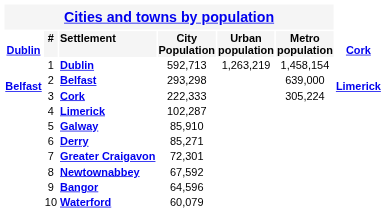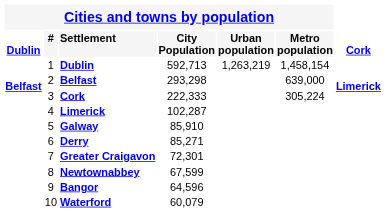 <table class="table" style="text-align:center; margin-right:10px; font-size:90%">
 <tr>
 <th colspan=6 style="background:#f5f5f5; font-size:130%; padding:0.3em"><a href='#'>Cities and towns by population</a></th>
 </tr>
 <tr style=vertical-align:top>
 <th rowspan=21><br><a href='#'>Dublin</a><br><br><br><a href='#'>Belfast</a><br></th>
 <th style="background:#f5f5f5; text-align:center">#</th>
 <th style="background:#f5f5f5; text-align:left">Settlement</th>
 <th style="background:#f5f5f5; text-align:center">City<br>Popu­lation</th>
 <th style="background:#f5f5f5; text-align:center">Urban<br>popu­lation</th>
 <th style="background:#f5f5f5; text-align:center">Metro<br>popu­lation</th>
 <th rowspan=21><br><a href='#'>Cork</a><br><br><br><a href='#'>Limerick</a><br></th>
 </tr>
 <tr>
 <td>1</td>
 <td style=text-align:left><strong><a href='#'>Dublin</a></strong></td>
 <td>592,713</td>
 <td>1,263,219</td>
 <td>1,458,154</td>
 </tr>
 <tr>
 <td>2</td>
 <td style=text-align:left><strong><a href='#'>Belfast</a></strong></td>
 <td>293,298</td>
 <td></td>
 <td>639,000</td>
 </tr>
 <tr>
 <td>3</td>
 <td style=text-align:left><strong><a href='#'>Cork</a></strong></td>
 <td>222,333</td>
 <td></td>
 <td>305,224</td>
 </tr>
 <tr>
 <td>4</td>
 <td style=text-align:left><strong><a href='#'>Limerick</a></strong></td>
 <td>102,287</td>
 <td></td>
 <td></td>
 </tr>
 <tr>
 <td>5</td>
 <td style=text-align:left><strong><a href='#'>Galway</a></strong></td>
 <td>85,910</td>
 <td></td>
 <td></td>
 </tr>
 <tr>
 <td>6</td>
 <td style=text-align:left><strong><a href='#'>Derry</a></strong></td>
 <td>85,271</td>
 <td></td>
 <td></td>
 </tr>
 <tr>
 <td>7</td>
 <td style=text-align:left><strong><a href='#'>Greater Craigavon</a></strong></td>
 <td>72,301</td>
 <td></td>
 <td></td>
 </tr>
 <tr>
 <td>8</td>
 <td style=text-align:left><strong><a href='#'>Newtownabbey</a></strong></td>
-<td>67,592</td>
+<td>67,599</td>
 <td></td>
 <td></td>
 </tr>
 <tr>
 <td>9</td>
 <td style=text-align:left><strong><a href='#'>Bangor</a></strong></td>
 <td>64,596</td>
 <td></td>
 <td></td>
 </tr>
 <tr>
 <td>10</td>
 <td style=text-align:left><strong><a href='#'>Waterford</a></strong></td>
 <td>60,079</td>
 <td></td>
 <td></td>
 </tr>
 <tr>
 </tr>
 </table>
